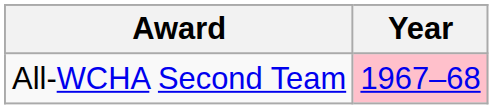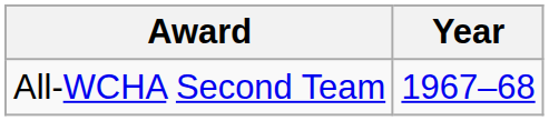 <table class="wikitable">
 <tr>
 <th>Award</th>
 <th>Year</th>
 </tr>
 <tr>
 <td>All-<a href='#'>WCHA</a> <a href='#'>Second Team</a></td>
-<td style="background: pink;"><a href='#'>1967–68</a></td>
+<td><a href='#'>1967–68</a></td>
 </tr>
 </table>
